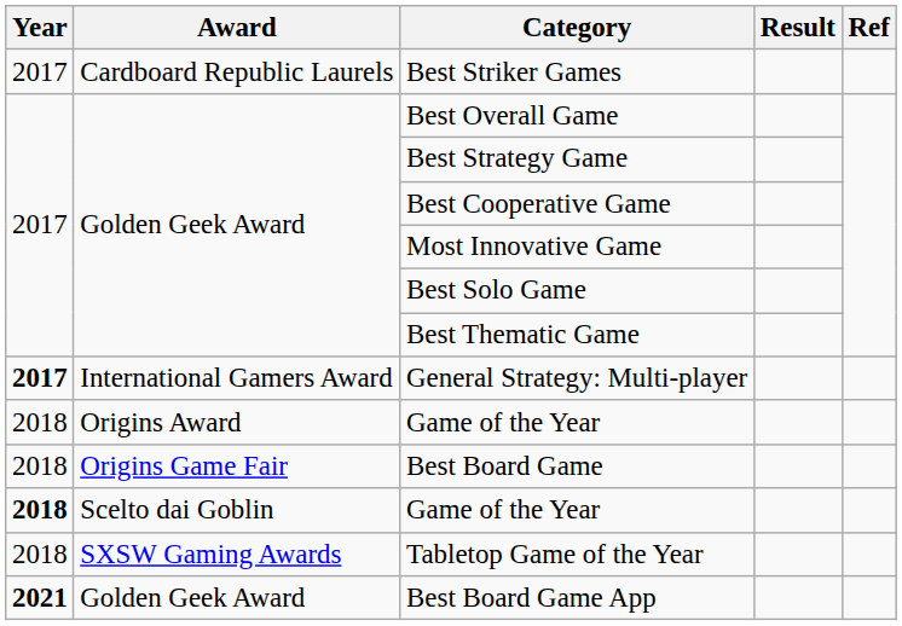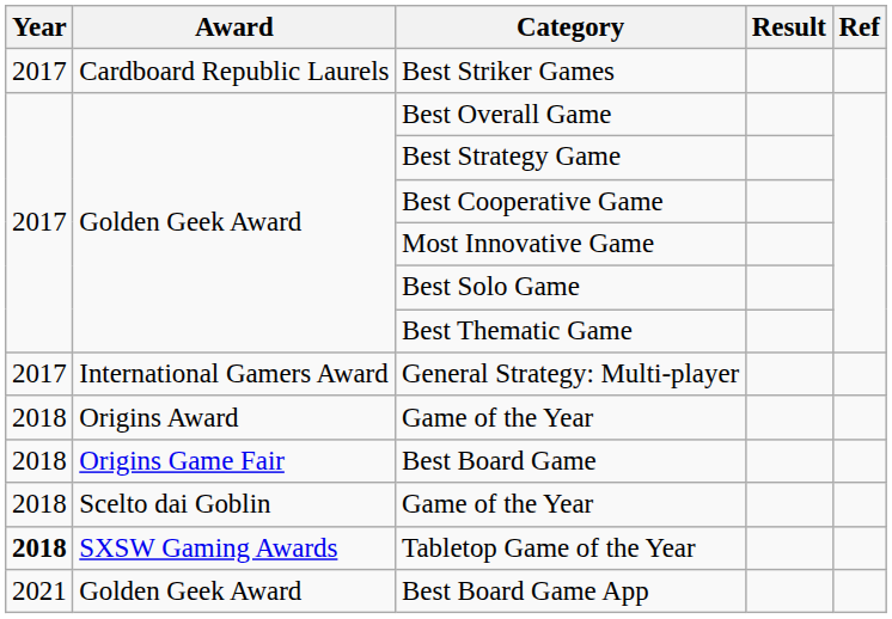 <table class="wikitable">
 <tr>
 <th>Year</th>
 <th>Award</th>
 <th>Category</th>
 <th>Result</th>
 <th>Ref</th>
 </tr>
 <tr>
 <td>2017</td>
 <td>Cardboard Republic Laurels</td>
 <td>Best Striker Games</td>
 <td></td>
 <td></td>
 </tr>
 <tr>
 <td rowspan="6">2017</td>
 <td rowspan="6">Golden Geek Award</td>
 <td>Best Overall Game</td>
 <td></td>
 <td rowspan="6"></td>
 </tr>
 <tr>
 <td>Best Strategy Game</td>
 <td></td>
 </tr>
 <tr>
 <td>Best Cooperative Game</td>
 <td></td>
 </tr>
 <tr>
 <td>Most Innovative Game</td>
 <td></td>
 </tr>
 <tr>
 <td>Best Solo Game</td>
 <td></td>
 </tr>
 <tr>
 <td>Best Thematic Game</td>
 <td></td>
 </tr>
 <tr>
-<td><strong>2017</strong></td>
+<td>2017</td>
 <td>International Gamers Award</td>
 <td>General Strategy: Multi-player</td>
 <td></td>
 <td></td>
 </tr>
 <tr>
 <td>2018</td>
 <td>Origins Award</td>
 <td>Game of the Year</td>
 <td></td>
 <td></td>
 </tr>
 <tr>
 <td>2018</td>
 <td><a href='#'>Origins Game Fair</a></td>
 <td>Best Board Game</td>
 <td></td>
 <td></td>
 </tr>
 <tr>
-<td><strong>2018</strong></td>
+<td>2018</td>
 <td>Scelto dai Goblin</td>
 <td>Game of the Year</td>
 <td></td>
 <td></td>
 </tr>
 <tr>
-<td>2018</td>
+<td><strong>2018</strong></td>
 <td><a href='#'>SXSW Gaming Awards</a></td>
 <td>Tabletop Game of the Year</td>
 <td></td>
 <td></td>
 </tr>
 <tr>
-<td><strong>2021</strong></td>
+<td>2021</td>
 <td>Golden Geek Award</td>
 <td>Best Board Game App</td>
 <td></td>
 <td></td>
 </tr>
 </table>
